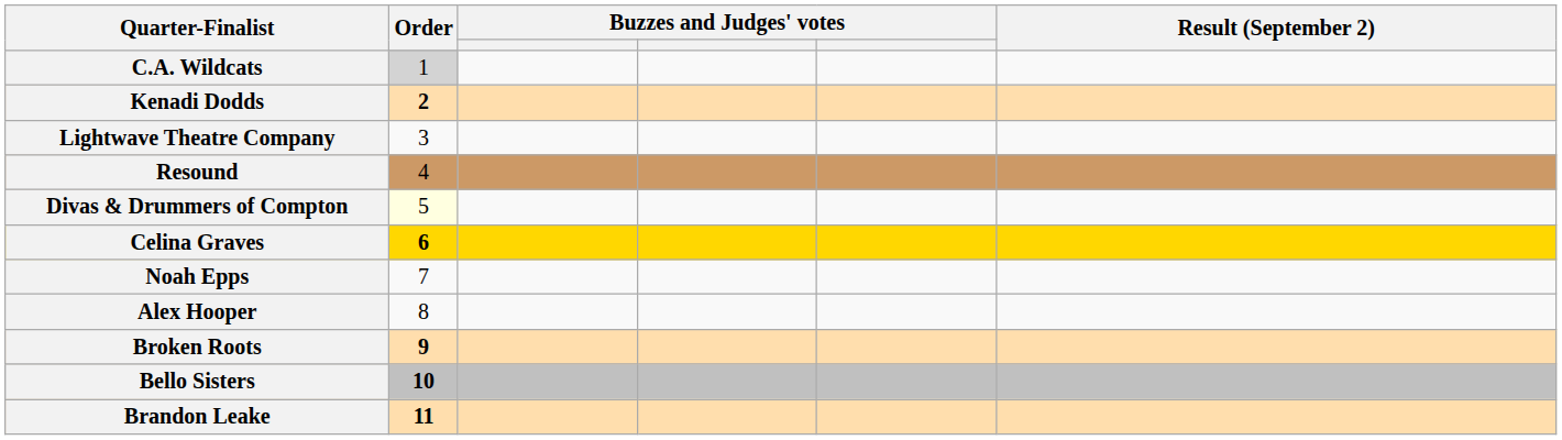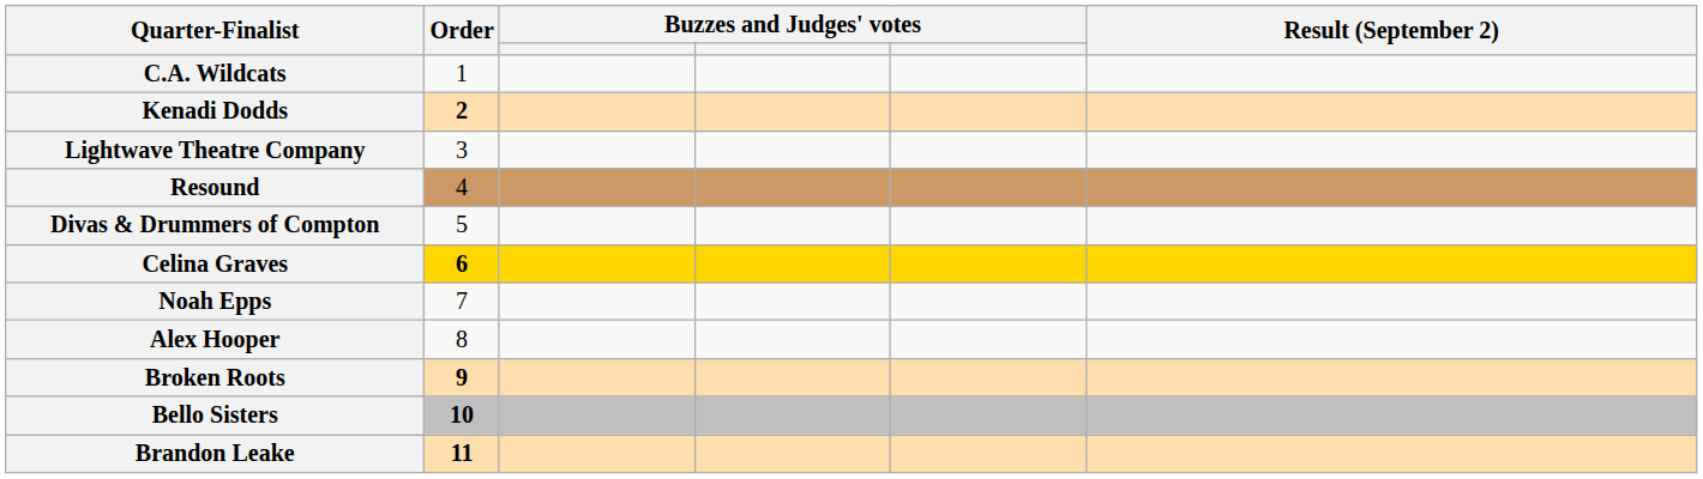 <table class="wikitable plainrowheaders sortable" style="text-align:center;">
 <tr>
 <th scope="col" rowspan="2" class="unsortable" style="width:17em;">Quarter-Finalist</th>
 <th scope="col" rowspan="2" style="width:1em;">Order</th>
 <th scope="col" colspan="3" class="unsortable" style="width:24em;">Buzzes and Judges' votes</th>
 <th scope="col" rowspan="2" style="width:25em;">Result (September 2)</th>
 </tr>
 <tr>
 <th scope="col" class="unsortable" style="width:6em;"></th>
 <th scope="col" class="unsortable" style="width:6em;"></th>
 <th scope="col" class="unsortable" style="width:6em;"></th>
 </tr>
 <tr>
 <th scope="row">C.A. Wildcats</th>
-<td style="background: lightgrey;">1</td>
+<td>1</td>
 <td style="text-align:center;"></td>
 <td style="text-align:center;"></td>
 <td style="text-align:center;"></td>
 <td></td>
 </tr>
 <tr style="background:NavajoWhite">
 <th scope="row"><strong>Kenadi Dodds</strong></th>
 <td><strong>2</strong></td>
 <td style="text-align:center;"></td>
 <td style="text-align:center;"></td>
 <td style="text-align:center;"></td>
 <td><strong></strong></td>
 </tr>
 <tr>
 <th scope="row">Lightwave Theatre Company</th>
 <td>3</td>
 <td style="text-align:center;"></td>
 <td style="text-align:center;"></td>
 <td style="text-align:center;"></td>
 <td></td>
 </tr>
 <tr style="background:#c96">
 <th scope="row">Resound</th>
 <td>4</td>
 <td style="text-align:center;"></td>
 <td style="text-align:center;"></td>
 <td style="text-align:center;"></td>
 <td></td>
 </tr>
 <tr>
 <th scope="row">Divas & Drummers of Compton</th>
-<td style="background: lightyellow;">5</td>
+<td>5</td>
 <td style="text-align:center;"></td>
 <td style="text-align:center;"></td>
 <td style="text-align:center;"></td>
 <td></td>
 </tr>
 <tr style="background:gold">
 <th scope="row"><strong>Celina Graves</strong></th>
 <td><strong>6</strong></td>
 <td style="text-align:center;"></td>
 <td style="text-align:center;"></td>
 <td style="text-align:center;"></td>
 <td><strong></strong></td>
 </tr>
 <tr>
 <th scope="row">Noah Epps</th>
 <td>7</td>
 <td style="text-align:center;"></td>
 <td style="text-align:center;"></td>
 <td style="text-align:center;"></td>
 <td></td>
 </tr>
 <tr>
 <th scope="row">Alex Hooper</th>
 <td>8</td>
 <td style="text-align:center;"></td>
 <td style="text-align:center;"></td>
 <td style="text-align:center;"></td>
 <td></td>
 </tr>
 <tr style="background:NavajoWhite">
 <th scope="row"><strong>Broken Roots</strong></th>
 <td><strong>9</strong></td>
 <td style="text-align:center;"></td>
 <td style="text-align:center;"></td>
 <td style="text-align:center;"></td>
 <td><strong></strong></td>
 </tr>
 <tr style="background:silver">
 <th scope="row"><strong>Bello Sisters</strong></th>
 <td><strong>10</strong></td>
 <td style="text-align:center;"></td>
 <td style="text-align:center;"></td>
 <td style="text-align:center;"></td>
 <td><strong></strong></td>
 </tr>
 <tr style="background:NavajoWhite">
 <th scope="row"><strong>Brandon Leake</strong></th>
 <td><strong>11</strong></td>
 <td style="text-align:center;"></td>
 <td style="text-align:center;"></td>
 <td style="text-align:center;"></td>
 <td><strong></strong></td>
 </tr>
 </table>
